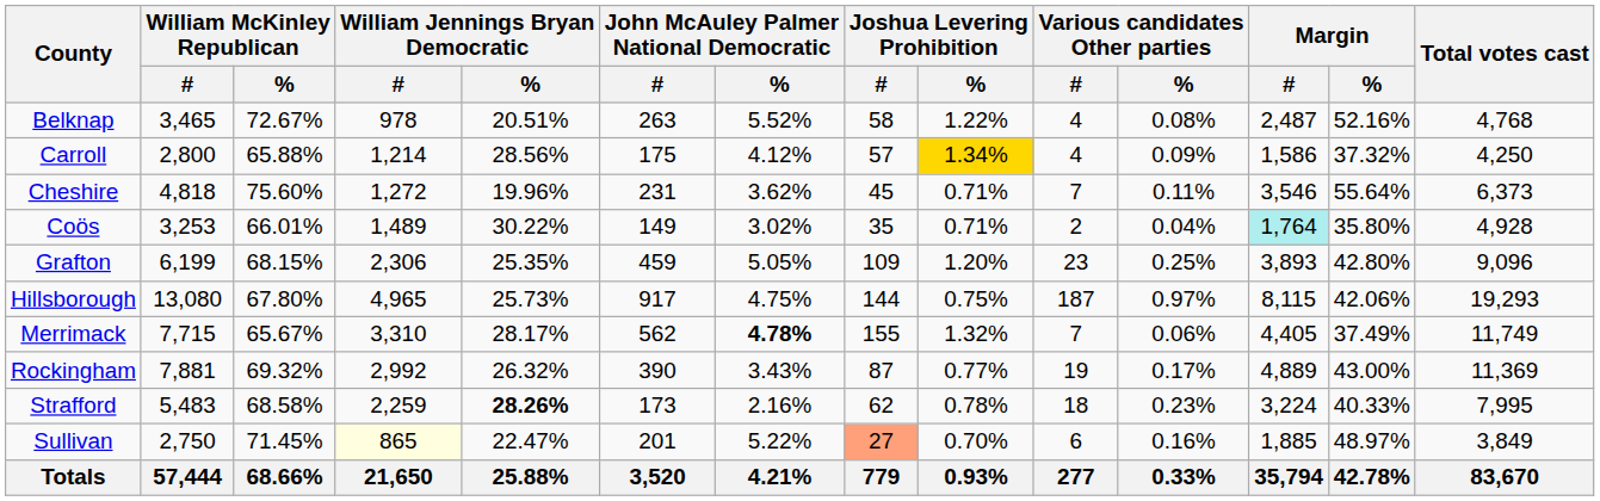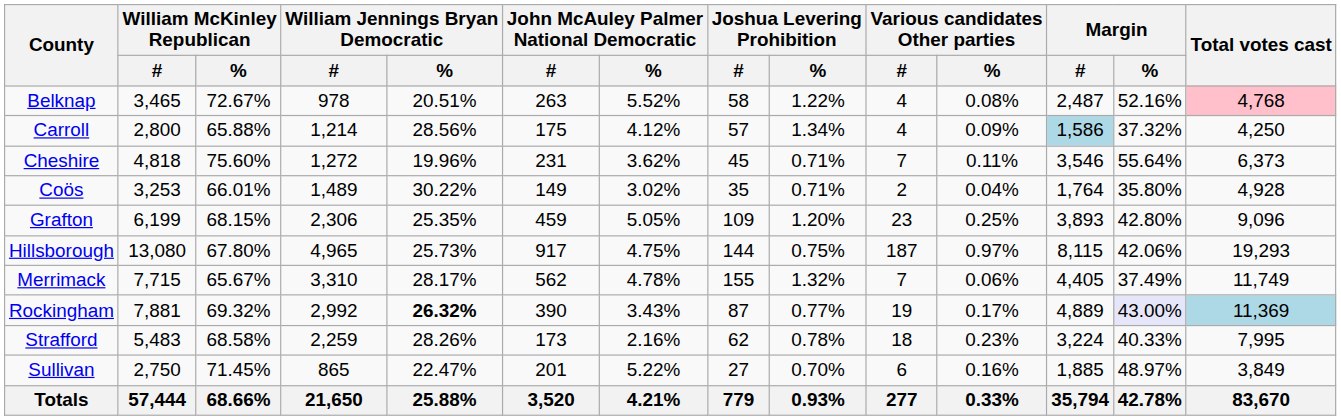 <table class="wikitable sortable">
 <tr>
 <th rowspan="2">County</th>
 <th colspan="2">William McKinley<br>Republican</th>
 <th colspan="2">William Jennings Bryan<br>Democratic</th>
 <th colspan="2">John McAuley Palmer<br>National Democratic</th>
 <th colspan="2">Joshua Levering<br>Prohibition</th>
 <th colspan="2">Various candidates<br>Other parties</th>
 <th colspan="2">Margin</th>
 <th rowspan="2">Total votes cast</th>
 </tr>
 <tr bgcolor="lightgrey">
 <th data-sort-type="number">#</th>
 <th data-sort-type="number">%</th>
 <th data-sort-type="number">#</th>
 <th data-sort-type="number">%</th>
 <th data-sort-type="number">#</th>
 <th data-sort-type="number">%</th>
 <th data-sort-type="number">#</th>
 <th data-sort-type="number">%</th>
 <th data-sort-type="number">#</th>
 <th data-sort-type="number">%</th>
 <th data-sort-type="number">#</th>
 <th data-sort-type="number">%</th>
 </tr>
 <tr style="text-align:center;">
 <td><a href='#'>Belknap</a></td>
 <td>3,465</td>
 <td>72.67%</td>
 <td>978</td>
 <td>20.51%</td>
 <td>263</td>
 <td>5.52%</td>
 <td>58</td>
 <td>1.22%</td>
 <td>4</td>
 <td>0.08%</td>
 <td>2,487</td>
 <td>52.16%</td>
-<td>4,768</td>
+<td style="background: pink;">4,768</td>
 </tr>
 <tr style="text-align:center;">
 <td><a href='#'>Carroll</a></td>
 <td>2,800</td>
 <td>65.88%</td>
 <td>1,214</td>
 <td>28.56%</td>
 <td>175</td>
 <td>4.12%</td>
 <td>57</td>
-<td style="background: gold;">1.34%</td>
+<td>1.34%</td>
 <td>4</td>
 <td>0.09%</td>
-<td>1,586</td>
+<td style="background: lightblue;">1,586</td>
 <td>37.32%</td>
 <td>4,250</td>
 </tr>
 <tr style="text-align:center;">
 <td><a href='#'>Cheshire</a></td>
 <td>4,818</td>
 <td>75.60%</td>
 <td>1,272</td>
 <td>19.96%</td>
 <td>231</td>
 <td>3.62%</td>
 <td>45</td>
 <td>0.71%</td>
 <td>7</td>
 <td>0.11%</td>
 <td>3,546</td>
 <td>55.64%</td>
 <td>6,373</td>
 </tr>
 <tr style="text-align:center;">
 <td><a href='#'>Coös</a></td>
 <td>3,253</td>
 <td>66.01%</td>
 <td>1,489</td>
 <td>30.22%</td>
 <td>149</td>
 <td>3.02%</td>
 <td>35</td>
 <td>0.71%</td>
 <td>2</td>
 <td>0.04%</td>
-<td style="background: paleturquoise;">1,764</td>
+<td>1,764</td>
 <td>35.80%</td>
 <td>4,928</td>
 </tr>
 <tr style="text-align:center;">
 <td><a href='#'>Grafton</a></td>
 <td>6,199</td>
 <td>68.15%</td>
 <td>2,306</td>
 <td>25.35%</td>
 <td>459</td>
 <td>5.05%</td>
 <td>109</td>
 <td>1.20%</td>
 <td>23</td>
 <td>0.25%</td>
 <td>3,893</td>
 <td>42.80%</td>
 <td>9,096</td>
 </tr>
 <tr style="text-align:center;">
 <td><a href='#'>Hillsborough</a></td>
 <td>13,080</td>
 <td>67.80%</td>
 <td>4,965</td>
 <td>25.73%</td>
 <td>917</td>
 <td>4.75%</td>
 <td>144</td>
 <td>0.75%</td>
 <td>187</td>
 <td>0.97%</td>
 <td>8,115</td>
 <td>42.06%</td>
 <td>19,293</td>
 </tr>
 <tr style="text-align:center;">
 <td><a href='#'>Merrimack</a></td>
 <td>7,715</td>
 <td>65.67%</td>
 <td>3,310</td>
 <td>28.17%</td>
 <td>562</td>
-<td><strong>4.78%</strong></td>
+<td>4.78%</td>
 <td>155</td>
 <td>1.32%</td>
 <td>7</td>
 <td>0.06%</td>
 <td>4,405</td>
 <td>37.49%</td>
 <td>11,749</td>
 </tr>
 <tr style="text-align:center;">
 <td><a href='#'>Rockingham</a></td>
 <td>7,881</td>
 <td>69.32%</td>
 <td>2,992</td>
-<td>26.32%</td>
+<td><strong>26.32%</strong></td>
 <td>390</td>
 <td>3.43%</td>
 <td>87</td>
 <td>0.77%</td>
 <td>19</td>
 <td>0.17%</td>
 <td>4,889</td>
-<td>43.00%</td>
-<td>11,369</td>
+<td style="background: lavender;">43.00%</td>
+<td style="background: lightblue;">11,369</td>
 </tr>
 <tr style="text-align:center;">
 <td><a href='#'>Strafford</a></td>
 <td>5,483</td>
 <td>68.58%</td>
 <td>2,259</td>
-<td><strong>28.26%</strong></td>
+<td>28.26%</td>
 <td>173</td>
 <td>2.16%</td>
 <td>62</td>
 <td>0.78%</td>
 <td>18</td>
 <td>0.23%</td>
 <td>3,224</td>
 <td>40.33%</td>
 <td>7,995</td>
 </tr>
 <tr style="text-align:center;">
 <td><a href='#'>Sullivan</a></td>
 <td>2,750</td>
 <td>71.45%</td>
-<td style="background: lightyellow;">865</td>
+<td>865</td>
 <td>22.47%</td>
 <td>201</td>
 <td>5.22%</td>
-<td style="background: lightsalmon;">27</td>
+<td>27</td>
 <td>0.70%</td>
 <td>6</td>
 <td>0.16%</td>
 <td>1,885</td>
 <td>48.97%</td>
 <td>3,849</td>
 </tr>
 <tr style="text-align:center;">
 <th>Totals</th>
 <th>57,444</th>
 <th>68.66%</th>
 <th>21,650</th>
 <th>25.88%</th>
 <th>3,520</th>
 <th>4.21%</th>
 <th>779</th>
 <th>0.93%</th>
 <th>277</th>
 <th>0.33%</th>
 <th>35,794</th>
 <th>42.78%</th>
 <th>83,670</th>
 </tr>
 </table>
